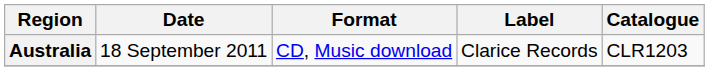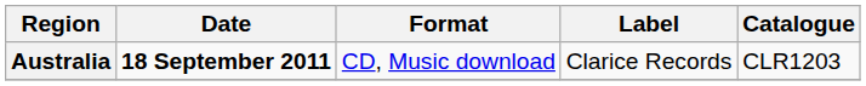 <table class="wikitable plainrowheaders">
 <tr>
 <th scope="col">Region</th>
 <th scope="col">Date</th>
 <th scope="col">Format</th>
 <th scope="col">Label</th>
 <th scope="col">Catalogue</th>
 </tr>
 <tr>
 <th scope="row">Australia</th>
-<td>18 September 2011</td>
+<td><strong>18 September 2011</strong></td>
 <td><a href='#'>CD</a>, <a href='#'>Music download</a></td>
 <td>Clarice Records</td>
 <td>CLR1203</td>
 </tr>
 <tr>
 </tr>
 </table>
